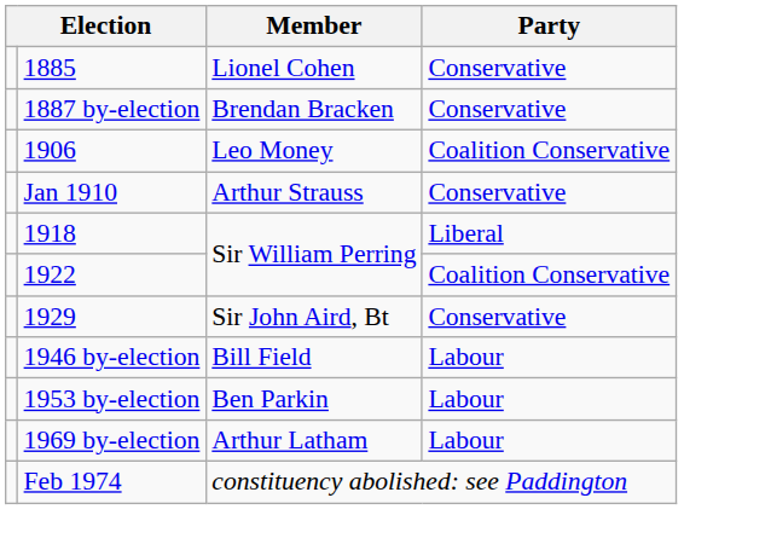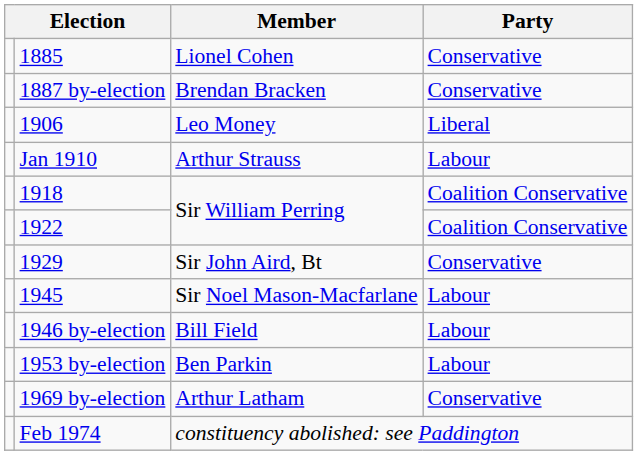 <table class="wikitable">
 <tr>
 <th colspan="2">Election</th>
 <th>Member</th>
 <th>Party</th>
 </tr>
 <tr>
 <td style="color:inherit;background-color: "></td>
 <td><a href='#'>1885</a></td>
 <td><a href='#'>Lionel Cohen</a></td>
 <td><a href='#'>Conservative</a></td>
 </tr>
 <tr>
 <td style="color:inherit;background-color: "></td>
 <td><a href='#'>1887 by-election</a></td>
 <td><a href='#'>Brendan Bracken</a></td>
 <td><a href='#'>Conservative</a></td>
 </tr>
 <tr>
 <td style="color:inherit;background-color: "></td>
 <td><a href='#'>1906</a></td>
 <td><a href='#'>Leo Money</a></td>
-<td><a href='#'>Coalition Conservative</a></td>
+<td><a href='#'>Liberal</a></td>
 </tr>
 <tr>
 <td style="color:inherit;background-color: "></td>
 <td><a href='#'>Jan 1910</a></td>
 <td><a href='#'>Arthur Strauss</a></td>
-<td><a href='#'>Conservative</a></td>
+<td><a href='#'>Labour</a></td>
 </tr>
 <tr>
 <td style="color:inherit;background-color: "></td>
 <td><a href='#'>1918</a></td>
 <td rowspan="2">Sir <a href='#'>William Perring</a></td>
-<td><a href='#'>Liberal</a></td>
+<td><a href='#'>Coalition Conservative</a></td>
 </tr>
 <tr>
 <td style="color:inherit;background-color: "></td>
 <td><a href='#'>1922</a></td>
 <td><a href='#'>Coalition Conservative</a></td>
 </tr>
 <tr>
 <td style="color:inherit;background-color: "></td>
 <td><a href='#'>1929</a></td>
 <td>Sir <a href='#'>John Aird</a>, Bt</td>
 <td><a href='#'>Conservative</a></td>
+</tr>
+<tr>
+<td style="color:inherit;background-color: "></td>
+<td><a href='#'>1945</a></td>
+<td>Sir <a href='#'>Noel Mason-Macfarlane</a></td>
+<td><a href='#'>Labour</a></td>
 </tr>
 <tr>
 <td style="color:inherit;background-color: "></td>
 <td><a href='#'>1946 by-election</a></td>
 <td><a href='#'>Bill Field</a></td>
 <td><a href='#'>Labour</a></td>
 </tr>
 <tr>
 <td style="color:inherit;background-color: "></td>
 <td><a href='#'>1953 by-election</a></td>
 <td><a href='#'>Ben Parkin</a></td>
 <td><a href='#'>Labour</a></td>
 </tr>
 <tr>
 <td style="color:inherit;background-color: "></td>
 <td><a href='#'>1969 by-election</a></td>
 <td><a href='#'>Arthur Latham</a></td>
-<td><a href='#'>Labour</a></td>
+<td><a href='#'>Conservative</a></td>
 </tr>
 <tr>
 <td></td>
 <td><a href='#'>Feb 1974</a></td>
 <td colspan="2"><em>constituency abolished: see <a href='#'>Paddington</a></em></td>
 </tr>
 </table>
